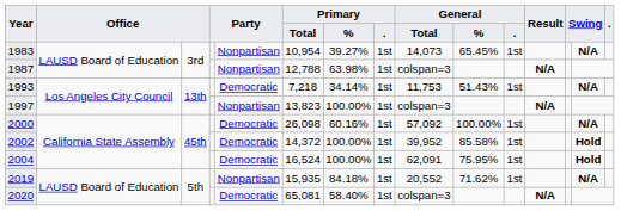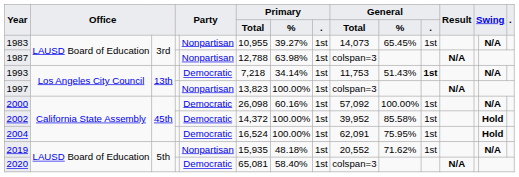 <table class="wikitable" style="font-size:90%; text-align:center;">
 <tr>
 <th style="background-color:#EAECF0;" rowspan=2>Year</th>
 <th colspan="2" rowspan="2" style="background-color:#EAECF0;">Office</th>
 <th style="background-color:#EAECF0;" colspan=2 rowspan=2>Party</th>
 <th style="background-color:#EAECF0;" colspan=3>Primary</th>
 <th style="background-color:#EAECF0;" colspan=3>General</th>
 <th style="background-color:#EAECF0;" rowspan=2>Result</th>
 <th style="background-color:#EAECF0;" colspan=2 rowspan=2><a href='#'>Swing</a></th>
 <th style="background-color:#EAECF0;" rowspan=2>.</th>
 </tr>
 <tr>
 <th style="background-color:#EAECF0;">Total</th>
 <th style="background-color:#EAECF0;">%</th>
 <th style="background-color:#EAECF0;">.</th>
 <th style="background-color:#EAECF0;">Total</th>
 <th style="background-color:#EAECF0;">%</th>
 <th style="background-color:#EAECF0;">.</th>
 </tr>
 <tr>
 <td style="background-color:#EAECF0;">1983</td>
 <td rowspan=2><a href='#'>LAUSD</a> Board of Education</td>
 <td rowspan="2">3rd</td>
 <td style="background-color:"></td>
 <td><a href='#'>Nonpartisan</a></td>
-<td>10,954</td>
+<td>10,955</td>
 <td>39.27%</td>
 <td>1st</td>
 <td>14,073</td>
 <td>65.45%</td>
 <td>1st</td>
 <td></td>
 <td style="background-color:"></td>
 <td><strong>N/A</strong></td>
 <td></td>
 </tr>
 <tr>
 <td style="background-color:#EAECF0;">1987</td>
 <td style="background-color:"></td>
 <td><a href='#'>Nonpartisan</a></td>
 <td>12,788</td>
 <td>63.98%</td>
 <td>1st</td>
 <td>colspan=3 </td>
 <td></td>
 <td style="background-color:"></td>
 <td><strong>N/A</strong></td>
 <td></td>
 </tr>
 <tr>
 <td style="background-color:#EAECF0;">1993</td>
 <td rowspan=2><a href='#'>Los Angeles City Council</a></td>
 <td rowspan="2"><a href='#'>13th</a></td>
 <td style="background-color:"></td>
 <td><a href='#'>Democratic</a></td>
 <td>7,218</td>
 <td>34.14%</td>
 <td>1st</td>
 <td>11,753</td>
 <td>51.43%</td>
-<td>1st</td>
+<td><strong>1st</strong></td>
 <td></td>
 <td style="background-color:"></td>
 <td><strong>N/A</strong></td>
 <td></td>
 </tr>
 <tr>
 <td style="background-color:#EAECF0;">1997</td>
 <td style="background-color:"></td>
 <td><a href='#'>Nonpartisan</a></td>
 <td>13,823</td>
 <td>100.00%</td>
 <td>1st</td>
 <td>colspan=3 </td>
 <td></td>
 <td style="background-color:"></td>
 <td><strong>N/A</strong></td>
 <td></td>
 </tr>
 <tr>
 <td style="background-color:#EAECF0;"><a href='#'>2000</a></td>
 <td rowspan=3><a href='#'>California State Assembly</a></td>
 <td rowspan="3"><a href='#'>45th</a></td>
 <td style="background-color:"></td>
 <td><a href='#'>Democratic</a></td>
 <td>26,098</td>
 <td>60.16%</td>
 <td>1st</td>
 <td>57,092</td>
 <td>100.00%</td>
 <td>1st</td>
 <td></td>
 <td style="background-color:"></td>
 <td><strong>N/A</strong></td>
 <td></td>
 </tr>
 <tr>
 <td style="background-color:#EAECF0;"><a href='#'>2002</a></td>
 <td style="background-color:"></td>
 <td><a href='#'>Democratic</a></td>
 <td>14,372</td>
 <td>100.00%</td>
 <td>1st</td>
 <td>39,952</td>
 <td>85.58%</td>
 <td>1st</td>
 <td></td>
 <td style="background-color:"></td>
 <td><strong>Hold</strong></td>
 <td></td>
 </tr>
 <tr>
 <td style="background-color:#EAECF0;"><a href='#'>2004</a></td>
 <td style="background-color:"></td>
 <td><a href='#'>Democratic</a></td>
 <td>16,524</td>
 <td>100.00%</td>
 <td>1st</td>
 <td>62,091</td>
 <td>75.95%</td>
 <td>1st</td>
 <td></td>
 <td style="background-color:"></td>
 <td><strong>Hold</strong></td>
 <td></td>
 </tr>
 <tr>
 <td style="background-color:#EAECF0;"><a href='#'>2019</a></td>
 <td rowspan=2><a href='#'>LAUSD</a> Board of Education</td>
 <td rowspan="2">5th</td>
 <td style="background-color:"></td>
 <td><a href='#'>Nonpartisan</a></td>
 <td>15,935</td>
-<td>84.18%</td>
+<td>48.18%</td>
 <td>1st</td>
 <td>20,552</td>
 <td>71.62%</td>
 <td>1st</td>
 <td></td>
 <td style="background-color:"></td>
 <td><strong>N/A</strong></td>
 <td></td>
 </tr>
 <tr>
 <td style="background-color:#EAECF0;"><a href='#'>2020</a></td>
 <td style="background-color:"></td>
 <td><a href='#'>Democratic</a></td>
 <td>65,081</td>
 <td>58.40%</td>
 <td>1st</td>
 <td>colspan=3 </td>
 <td></td>
 <td style="background-color:"></td>
 <td><strong>N/A</strong></td>
 <td></td>
 </tr>
 </table>
